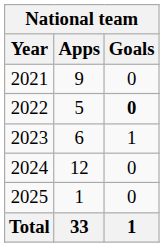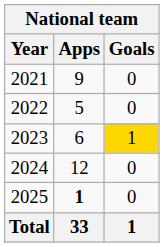 <table class="wikitable" style="text-align:center">
 <tr>
 <th colspan=3>National team</th>
 </tr>
 <tr>
 <th>Year</th>
 <th>Apps</th>
 <th>Goals</th>
 </tr>
 <tr>
 <td>2021</td>
 <td>9</td>
 <td>0</td>
 </tr>
 <tr>
 <td>2022</td>
 <td>5</td>
-<td><strong>0</strong></td>
+<td>0</td>
 </tr>
 <tr>
 <td>2023</td>
 <td>6</td>
-<td>1</td>
+<td style="background: gold;">1</td>
 </tr>
 <tr>
 <td>2024</td>
 <td>12</td>
 <td>0</td>
 </tr>
 <tr>
 <td>2025</td>
-<td>1</td>
+<td><strong>1</strong></td>
 <td>0</td>
 </tr>
 <tr>
 <th>Total</th>
 <th>33</th>
 <th>1</th>
 </tr>
 </table>
